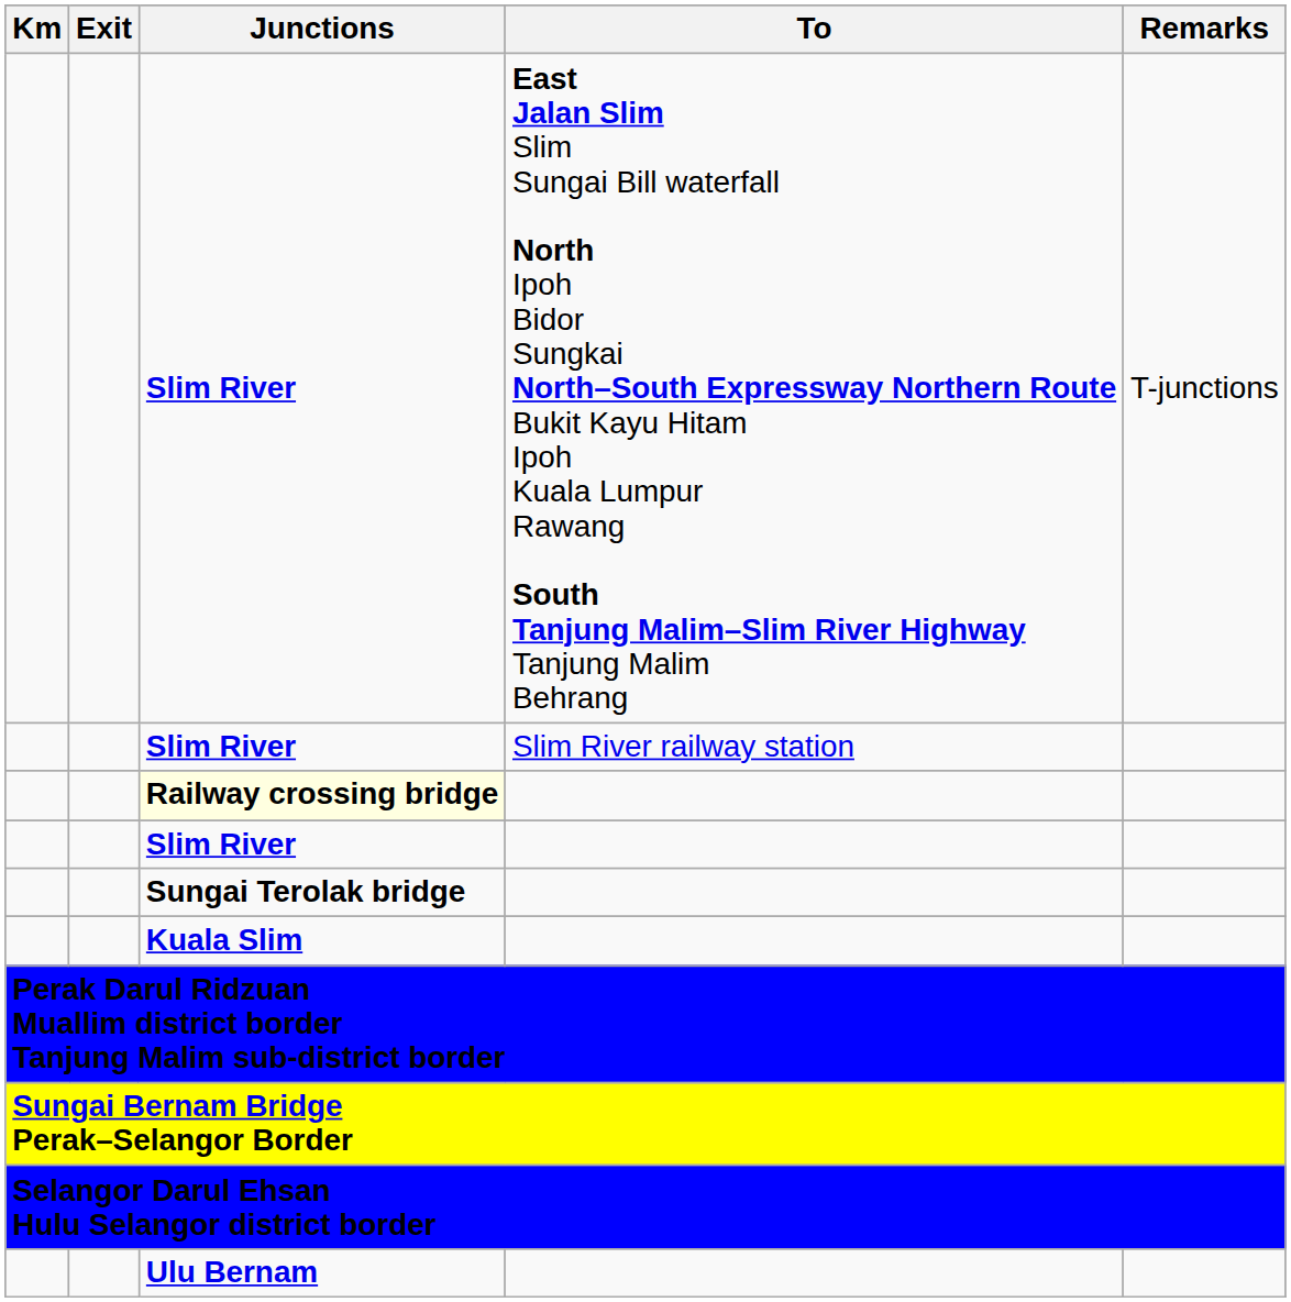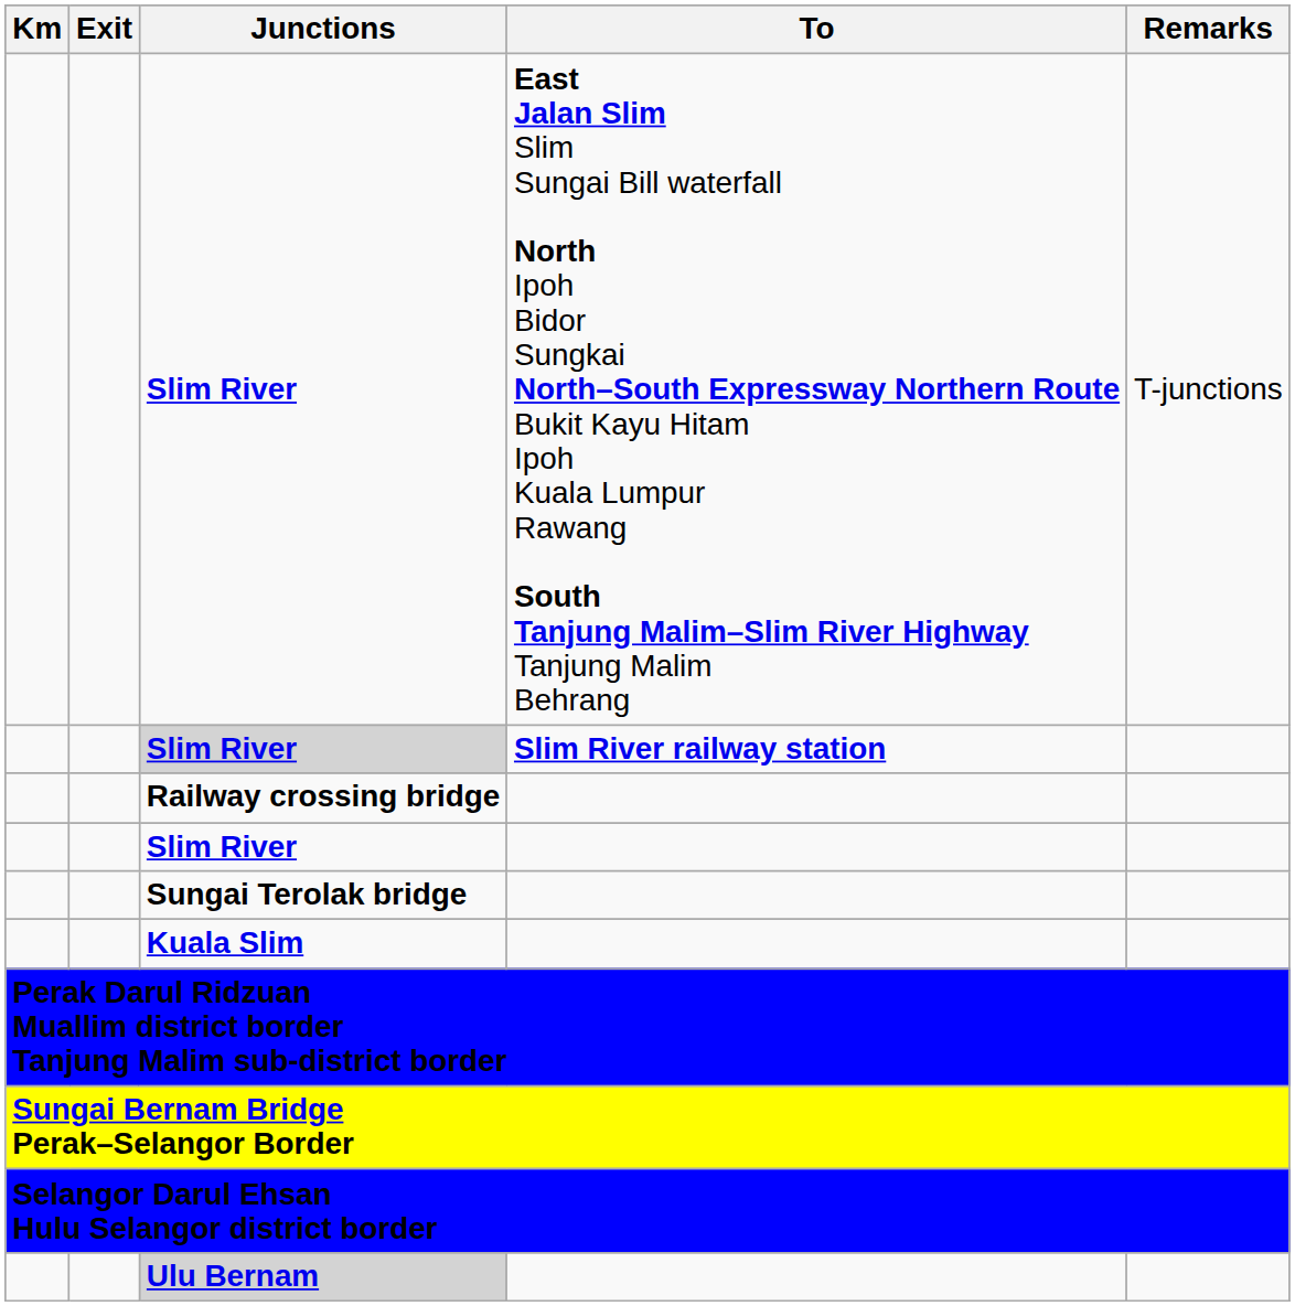 <table class="wikitable">
 <tr>
 <th>Km</th>
 <th>Exit</th>
 <th>Junctions</th>
 <th>To</th>
 <th>Remarks</th>
 </tr>
 <tr>
 <td></td>
 <td></td>
 <td><strong><a href='#'>Slim River</a></strong></td>
 <td><strong>East</strong><br> <strong><a href='#'>Jalan Slim</a></strong><br>Slim<br>Sungai Bill waterfall<br><br><strong>North</strong><br> Ipoh<br> Bidor<br> Sungkai<br>  <strong><a href='#'>North–South Expressway Northern Route</a></strong><br>Bukit Kayu Hitam<br>Ipoh<br>Kuala Lumpur<br>Rawang<br><br><strong>South</strong><br> <strong><a href='#'>Tanjung Malim–Slim River Highway</a></strong><br> Tanjung Malim<br> Behrang</td>
 <td>T-junctions</td>
 </tr>
 <tr>
 <td></td>
 <td></td>
-<td><strong><a href='#'>Slim River</a></strong></td>
-<td><a href='#'>Slim River railway station</a><br></td>
+<td style="background: lightgrey;"><strong><a href='#'>Slim River</a></strong></td>
+<td><strong><a href='#'>Slim River railway station</a><br></strong></td>
 <td></td>
 </tr>
 <tr>
 <td></td>
 <td></td>
-<td style="background: lightyellow;"><strong>Railway crossing bridge</strong></td>
+<td><strong>Railway crossing bridge</strong></td>
 <td></td>
 <td></td>
 </tr>
 <tr>
 <td></td>
 <td></td>
 <td><strong><a href='#'>Slim River</a></strong></td>
 <td></td>
 <td></td>
 </tr>
 <tr>
 <td></td>
 <td></td>
 <td><strong>Sungai Terolak bridge</strong></td>
 <td></td>
 <td></td>
 </tr>
 <tr>
 <td></td>
 <td></td>
 <td><strong><a href='#'>Kuala Slim</a></strong></td>
 <td></td>
 <td></td>
 </tr>
 <tr>
 <td style="width:600px" colspan="6" style="text-align:center" bgcolor="blue"><strong><span>Perak Darul Ridzuan<br>Muallim district border<br>Tanjung Malim sub-district border</span></strong></td>
 </tr>
 <tr>
 <td style="width:600px" colspan="6" style="text-align:center" bgcolor="yellow"><strong><span><a href='#'>Sungai Bernam Bridge</a><br>Perak–Selangor Border</span></strong></td>
 </tr>
 <tr>
 <td style="width:600px" colspan="6" style="text-align:center" bgcolor="blue"><strong><span>Selangor Darul Ehsan<br>Hulu Selangor district border</span></strong></td>
 </tr>
 <tr>
 <td></td>
 <td></td>
-<td><strong><a href='#'>Ulu Bernam</a></strong></td>
+<td style="background: lightgrey;"><strong><a href='#'>Ulu Bernam</a></strong></td>
 <td></td>
 <td></td>
 </tr>
 </table>
